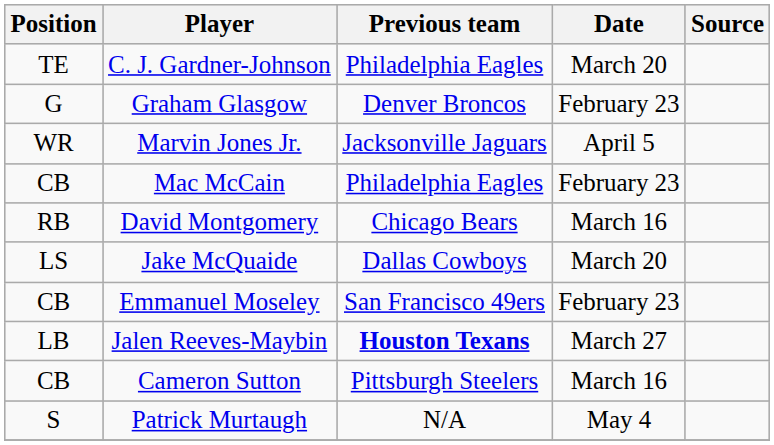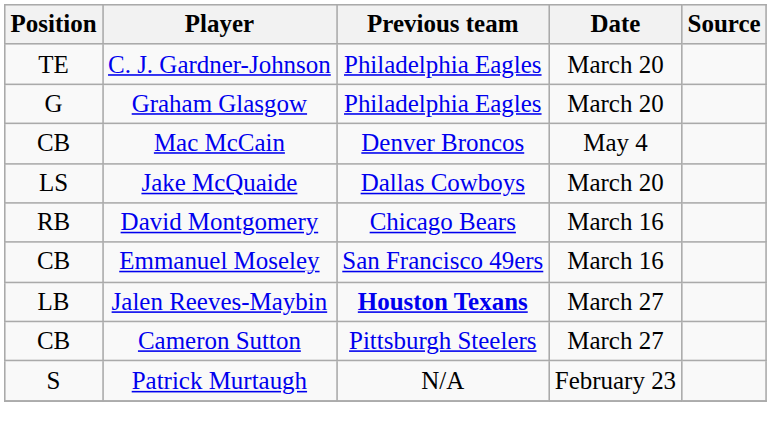 <table class="wikitable" style="text-align:center">
 <tr>
 <th>Position</th>
 <th>Player</th>
 <th>Previous team</th>
 <th>Date</th>
 <th>Source</th>
 </tr>
 <tr>
 <td>TE</td>
 <td><a href='#'>C. J. Gardner-Johnson</a></td>
 <td><a href='#'>Philadelphia Eagles</a></td>
 <td>March 20</td>
 <td></td>
 </tr>
 <tr>
 <td>G</td>
 <td><a href='#'>Graham Glasgow</a></td>
-<td><a href='#'>Denver Broncos</a></td>
-<td>February 23</td>
-<td></td>
-</tr>
-<tr>
-<td>WR</td>
-<td><a href='#'>Marvin Jones Jr.</a></td>
-<td><a href='#'>Jacksonville Jaguars</a></td>
-<td>April 5</td>
+<td><a href='#'>Philadelphia Eagles</a></td>
+<td>March 20</td>
 <td></td>
 </tr>
 <tr>
 <td>CB</td>
 <td><a href='#'>Mac McCain</a></td>
-<td><a href='#'>Philadelphia Eagles</a></td>
-<td>February 23</td>
+<td><a href='#'>Denver Broncos</a></td>
+<td>May 4</td>
+<td></td>
+</tr>
+<tr>
+<td>LS</td>
+<td><a href='#'>Jake McQuaide</a></td>
+<td><a href='#'>Dallas Cowboys</a></td>
+<td>March 20</td>
 <td></td>
 </tr>
 <tr>
 <td>RB</td>
 <td><a href='#'>David Montgomery</a></td>
 <td><a href='#'>Chicago Bears</a></td>
 <td>March 16</td>
 <td></td>
 </tr>
 <tr>
-<td>LS</td>
-<td><a href='#'>Jake McQuaide</a></td>
-<td><a href='#'>Dallas Cowboys</a></td>
-<td>March 20</td>
-<td></td>
-</tr>
-<tr>
 <td>CB</td>
 <td><a href='#'>Emmanuel Moseley</a></td>
 <td><a href='#'>San Francisco 49ers</a></td>
-<td>February 23</td>
+<td>March 16</td>
 <td></td>
 </tr>
 <tr>
 <td>LB</td>
 <td><a href='#'>Jalen Reeves-Maybin</a></td>
 <td><strong><a href='#'>Houston Texans</a></strong></td>
 <td>March 27</td>
 <td></td>
 </tr>
 <tr>
 <td>CB</td>
 <td><a href='#'>Cameron Sutton</a></td>
 <td><a href='#'>Pittsburgh Steelers</a></td>
-<td>March 16</td>
+<td>March 27</td>
 <td></td>
 </tr>
 <tr>
 <td>S</td>
 <td><a href='#'>Patrick Murtaugh</a></td>
 <td>N/A</td>
-<td>May 4</td>
+<td>February 23</td>
 <td></td>
 </tr>
 <tr>
 </tr>
 </table>
